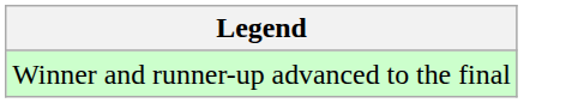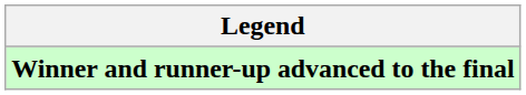 <table class="wikitable">
 <tr>
 <th>Legend</th>
 </tr>
 <tr bgcolor=#ccffcc>
-<td>Winner and runner-up advanced to the final</td>
+<td><strong>Winner and runner-up advanced to the final</strong></td>
 </tr>
 </table>
